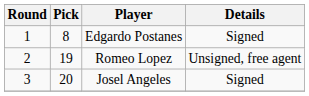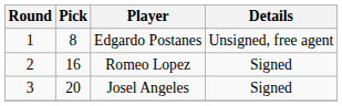 <table class="wikitable sortable sortable">
 <tr>
 <th>Round</th>
 <th>Pick</th>
 <th>Player</th>
 <th>Details</th>
 </tr>
 <tr style="text-align: center">
 <td>1</td>
 <td>8</td>
 <td>Edgardo Postanes</td>
-<td>Signed</td>
+<td>Unsigned, free agent</td>
 </tr>
 <tr style="text-align: center">
 <td>2</td>
-<td>19</td>
+<td>16</td>
 <td>Romeo Lopez</td>
-<td>Unsigned, free agent</td>
+<td>Signed</td>
 </tr>
 <tr style="text-align: center">
 <td>3</td>
 <td>20</td>
 <td>Josel Angeles</td>
 <td>Signed</td>
 </tr>
 <tr>
 </tr>
 </table>
